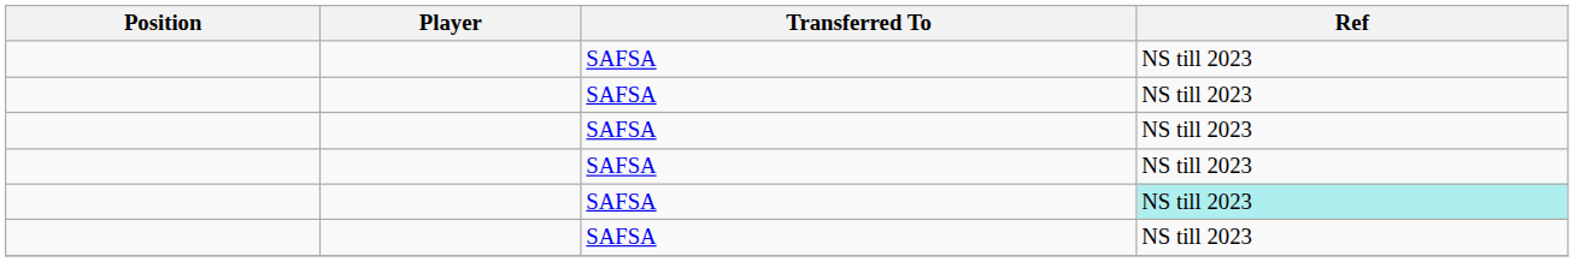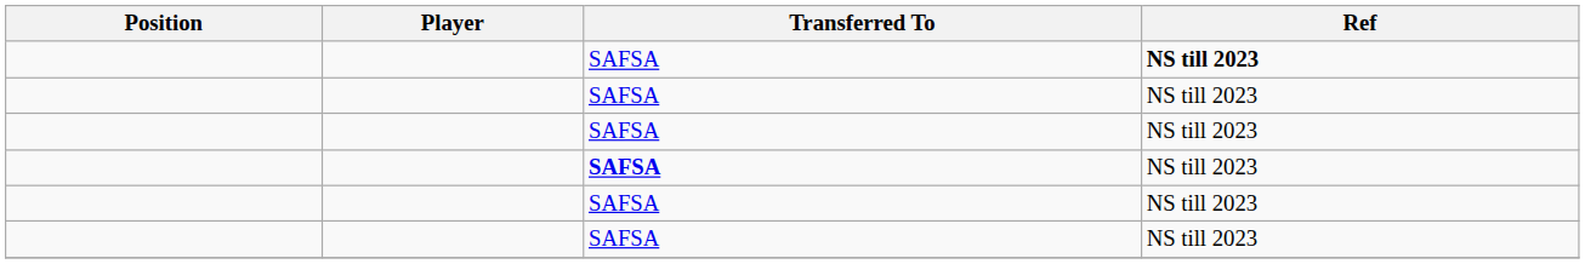 <table class="wikitable sortable" style="width:70%; text-align:center; font-size:100%; text-align:left;">
 <tr>
 <th>Position</th>
 <th>Player</th>
 <th>Transferred To</th>
 <th>Ref</th>
+</tr>
+<tr>
+<td></td>
+<td></td>
+<td> <a href='#'>SAFSA</a></td>
+<td><strong>NS till 2023</strong></td>
 </tr>
 <tr>
 <td></td>
 <td></td>
 <td> <a href='#'>SAFSA</a></td>
 <td>NS till 2023</td>
 </tr>
 <tr>
 <td></td>
 <td></td>
 <td> <a href='#'>SAFSA</a></td>
 <td>NS till 2023</td>
 </tr>
 <tr>
 <td></td>
 <td></td>
-<td> <a href='#'>SAFSA</a></td>
+<td><strong> <a href='#'>SAFSA</a></strong></td>
 <td>NS till 2023</td>
 </tr>
 <tr>
 <td></td>
 <td></td>
 <td> <a href='#'>SAFSA</a></td>
 <td>NS till 2023</td>
 </tr>
 <tr>
 <td></td>
 <td></td>
 <td> <a href='#'>SAFSA</a></td>
-<td style="background: paleturquoise;">NS till 2023</td>
-</tr>
-<tr>
-<td></td>
-<td></td>
-<td> <a href='#'>SAFSA</a></td>
 <td>NS till 2023</td>
 </tr>
 <tr>
 </tr>
 </table>
